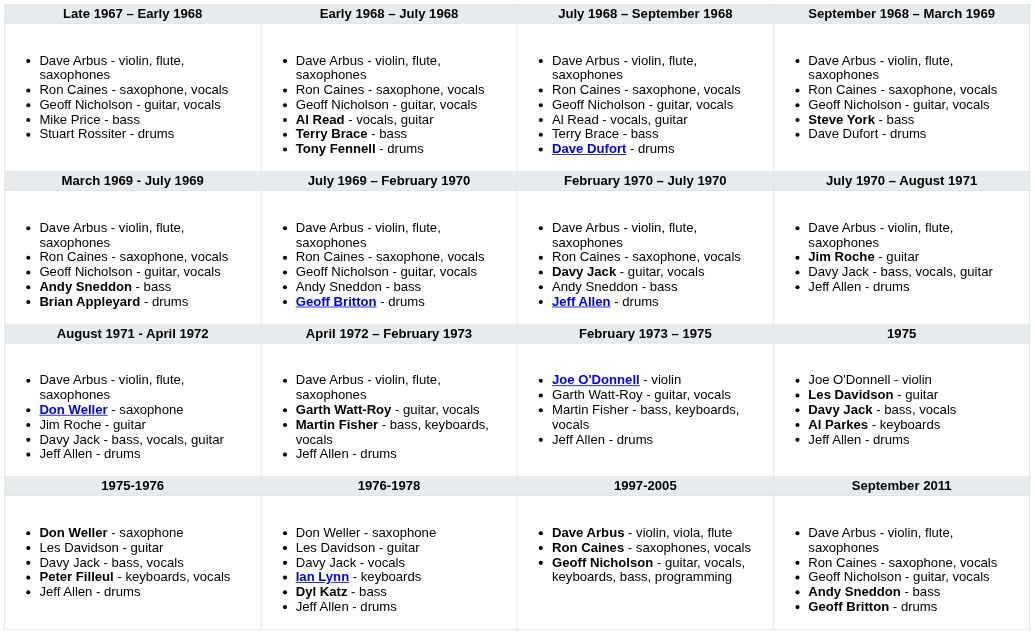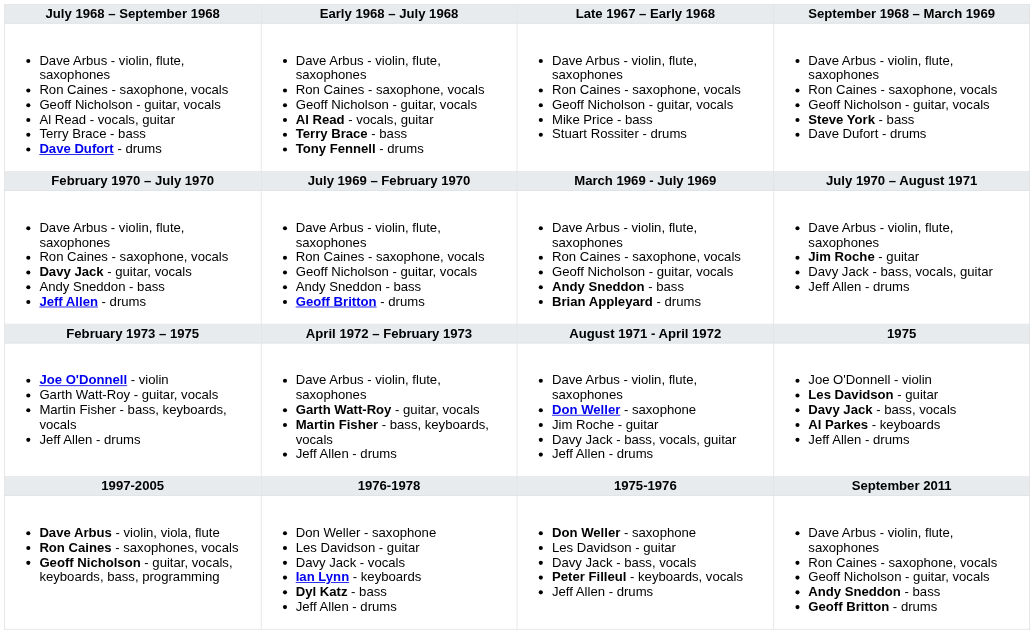 <table class="toccolours" border=1 cellpadding=2 cellspacing=0 style="float: width: 375px; margin: 0 0 1em 1em; border-collapse: collapse; border: 1px solid #E2E2E2;" width=99%>
 <tr>
+<th bgcolor="#E7EBEE" valign=top width=25%>July 1968 – September 1968</th>
+<th bgcolor="#E7EBEE" valign=top width=25%>Early 1968 – July 1968</th>
 <th bgcolor="#E7EBEE" valign=top width=25%>Late 1967 – Early 1968</th>
-<th bgcolor="#E7EBEE" valign=top width=25%>Early 1968 – July 1968</th>
-<th bgcolor="#E7EBEE" valign=top width=25%>July 1968 – September 1968</th>
 <th bgcolor="#E7EBEE" valign=top width=25%>September 1968 – March 1969</th>
 </tr>
 <tr>
+<td valign=top><br><ul><li>Dave Arbus - violin, flute, saxophones</li><li>Ron Caines - saxophone, vocals</li><li>Geoff Nicholson - guitar, vocals</li><li>Al Read - vocals, guitar</li><li>Terry Brace - bass</li><li><strong><a href='#'>Dave Dufort</a></strong> - drums</li></ul></td>
+<td valign=top><br><ul><li>Dave Arbus - violin, flute, saxophones</li><li>Ron Caines - saxophone, vocals</li><li>Geoff Nicholson - guitar, vocals</li><li><strong>Al Read</strong> - vocals, guitar</li><li><strong>Terry Brace</strong> - bass</li><li><strong>Tony Fennell</strong> - drums</li></ul></td>
 <td valign=top><br><ul><li>Dave Arbus - violin, flute, saxophones</li><li>Ron Caines - saxophone, vocals</li><li>Geoff Nicholson - guitar, vocals</li><li>Mike Price - bass</li><li>Stuart Rossiter - drums</li></ul></td>
-<td valign=top><br><ul><li>Dave Arbus - violin, flute, saxophones</li><li>Ron Caines - saxophone, vocals</li><li>Geoff Nicholson - guitar, vocals</li><li><strong>Al Read</strong> - vocals, guitar</li><li><strong>Terry Brace</strong> - bass</li><li><strong>Tony Fennell</strong> - drums</li></ul></td>
-<td valign=top><br><ul><li>Dave Arbus - violin, flute, saxophones</li><li>Ron Caines - saxophone, vocals</li><li>Geoff Nicholson - guitar, vocals</li><li>Al Read - vocals, guitar</li><li>Terry Brace - bass</li><li><strong><a href='#'>Dave Dufort</a></strong> - drums</li></ul></td>
 <td valign=top><br><ul><li>Dave Arbus - violin, flute, saxophones</li><li>Ron Caines - saxophone, vocals</li><li>Geoff Nicholson - guitar, vocals</li><li><strong>Steve York</strong> - bass</li><li>Dave Dufort - drums</li></ul></td>
 </tr>
 <tr>
+<th bgcolor="#E7EBEE" valign=top width=25%>February 1970 – July 1970</th>
+<th bgcolor="#E7EBEE" valign=top width=25%>July 1969 – February 1970</th>
 <th bgcolor="#E7EBEE" valign=top width=25%>March 1969 - July 1969</th>
-<th bgcolor="#E7EBEE" valign=top width=25%>July 1969 – February 1970</th>
-<th bgcolor="#E7EBEE" valign=top width=25%>February 1970 – July 1970</th>
 <th bgcolor="#E7EBEE" valign=top width=25%>July 1970 – August 1971</th>
 </tr>
 <tr>
+<td valign=top><br><ul><li>Dave Arbus - violin, flute, saxophones</li><li>Ron Caines - saxophone, vocals</li><li><strong>Davy Jack</strong> - guitar, vocals</li><li>Andy Sneddon - bass</li><li><strong><a href='#'>Jeff Allen</a></strong> - drums</li></ul></td>
+<td valign=top><br><ul><li>Dave Arbus - violin, flute, saxophones</li><li>Ron Caines - saxophone, vocals</li><li>Geoff Nicholson - guitar, vocals</li><li>Andy Sneddon - bass</li><li><strong><a href='#'>Geoff Britton</a></strong> - drums</li></ul></td>
 <td valign=top><br><ul><li>Dave Arbus - violin, flute, saxophones</li><li>Ron Caines - saxophone, vocals</li><li>Geoff Nicholson - guitar, vocals</li><li><strong>Andy Sneddon</strong> - bass</li><li><strong>Brian Appleyard</strong> - drums</li></ul></td>
-<td valign=top><br><ul><li>Dave Arbus - violin, flute, saxophones</li><li>Ron Caines - saxophone, vocals</li><li>Geoff Nicholson - guitar, vocals</li><li>Andy Sneddon - bass</li><li><strong><a href='#'>Geoff Britton</a></strong> - drums</li></ul></td>
-<td valign=top><br><ul><li>Dave Arbus - violin, flute, saxophones</li><li>Ron Caines - saxophone, vocals</li><li><strong>Davy Jack</strong> - guitar, vocals</li><li>Andy Sneddon - bass</li><li><strong><a href='#'>Jeff Allen</a></strong> - drums</li></ul></td>
 <td valign=top><br><ul><li>Dave Arbus - violin, flute, saxophones</li><li><strong>Jim Roche</strong> - guitar</li><li>Davy Jack - bass, vocals, guitar</li><li>Jeff Allen - drums</li></ul></td>
 </tr>
 <tr>
+<th bgcolor="#E7EBEE" valign=top width=25%>February 1973 – 1975</th>
+<th bgcolor="#E7EBEE" valign=top width=25%>April 1972 – February 1973</th>
 <th bgcolor="#E7EBEE" valign=top width=25%>August 1971 - April 1972</th>
-<th bgcolor="#E7EBEE" valign=top width=25%>April 1972 – February 1973</th>
-<th bgcolor="#E7EBEE" valign=top width=25%>February 1973 – 1975</th>
 <th bgcolor="#E7EBEE" valign=top width=25%>1975</th>
 </tr>
 <tr>
+<td valign=top><br><ul><li><strong><a href='#'>Joe O'Donnell</a></strong> - violin</li><li>Garth Watt-Roy - guitar, vocals</li><li>Martin Fisher - bass, keyboards, vocals</li><li>Jeff Allen - drums</li></ul></td>
+<td valign=top><br><ul><li>Dave Arbus - violin, flute, saxophones</li><li><strong>Garth Watt-Roy</strong> - guitar, vocals</li><li><strong>Martin Fisher</strong> - bass, keyboards, vocals</li><li>Jeff Allen - drums</li></ul></td>
 <td valign=top><br><ul><li>Dave Arbus - violin, flute, saxophones</li><li><strong><a href='#'>Don Weller</a></strong> - saxophone</li><li>Jim Roche - guitar</li><li>Davy Jack - bass, vocals, guitar</li><li>Jeff Allen - drums</li></ul></td>
-<td valign=top><br><ul><li>Dave Arbus - violin, flute, saxophones</li><li><strong>Garth Watt-Roy</strong> - guitar, vocals</li><li><strong>Martin Fisher</strong> - bass, keyboards, vocals</li><li>Jeff Allen - drums</li></ul></td>
-<td valign=top><br><ul><li><strong><a href='#'>Joe O'Donnell</a></strong> - violin</li><li>Garth Watt-Roy - guitar, vocals</li><li>Martin Fisher - bass, keyboards, vocals</li><li>Jeff Allen - drums</li></ul></td>
 <td valign=top><br><ul><li>Joe O'Donnell - violin</li><li><strong>Les Davidson</strong> - guitar</li><li><strong>Davy Jack</strong> - bass, vocals</li><li><strong>Al Parkes</strong> - keyboards</li><li>Jeff Allen - drums</li></ul></td>
 </tr>
 <tr>
+<th bgcolor="#E7EBEE" valign=top width=25%>1997-2005</th>
+<th bgcolor="#E7EBEE" valign=top width=25%>1976-1978</th>
 <th bgcolor="#E7EBEE" valign=top width=25%>1975-1976</th>
-<th bgcolor="#E7EBEE" valign=top width=25%>1976-1978</th>
-<th bgcolor="#E7EBEE" valign=top width=25%>1997-2005</th>
 <th bgcolor="#E7EBEE" valign=top width=25%>September 2011</th>
 </tr>
 <tr>
+<td valign=top><br><ul><li><strong>Dave Arbus</strong> - violin, viola, flute</li><li><strong>Ron Caines</strong> - saxophones, vocals</li><li><strong>Geoff Nicholson</strong> - guitar, vocals, keyboards, bass, programming</li></ul></td>
+<td valign=top><br><ul><li>Don Weller - saxophone</li><li>Les Davidson - guitar</li><li>Davy Jack - vocals</li><li><strong><a href='#'>Ian Lynn</a></strong> - keyboards</li><li><strong>Dyl Katz</strong> - bass</li><li>Jeff Allen - drums</li></ul></td>
 <td valign=top><br><ul><li><strong>Don Weller</strong> - saxophone</li><li>Les Davidson - guitar</li><li>Davy Jack - bass, vocals</li><li><strong>Peter Filleul</strong> - keyboards, vocals</li><li>Jeff Allen - drums</li></ul></td>
-<td valign=top><br><ul><li>Don Weller - saxophone</li><li>Les Davidson - guitar</li><li>Davy Jack - vocals</li><li><strong><a href='#'>Ian Lynn</a></strong> - keyboards</li><li><strong>Dyl Katz</strong> - bass</li><li>Jeff Allen - drums</li></ul></td>
-<td valign=top><br><ul><li><strong>Dave Arbus</strong> - violin, viola, flute</li><li><strong>Ron Caines</strong> - saxophones, vocals</li><li><strong>Geoff Nicholson</strong> - guitar, vocals, keyboards, bass, programming</li></ul></td>
 <td valign=top><br><ul><li>Dave Arbus - violin, flute, saxophones</li><li>Ron Caines - saxophone, vocals</li><li>Geoff Nicholson - guitar, vocals</li><li><strong>Andy Sneddon</strong> - bass</li><li><strong>Geoff Britton</strong> - drums</li></ul></td>
 </tr>
 </table>
